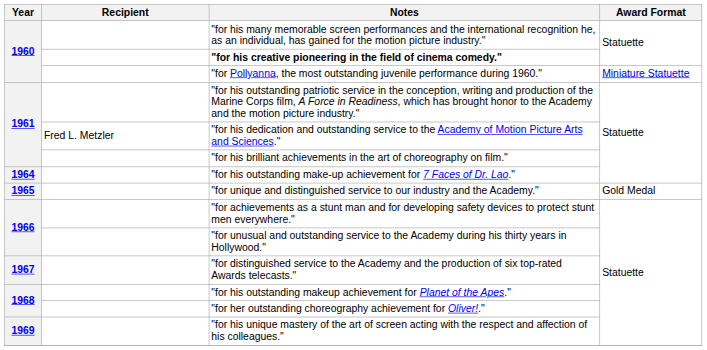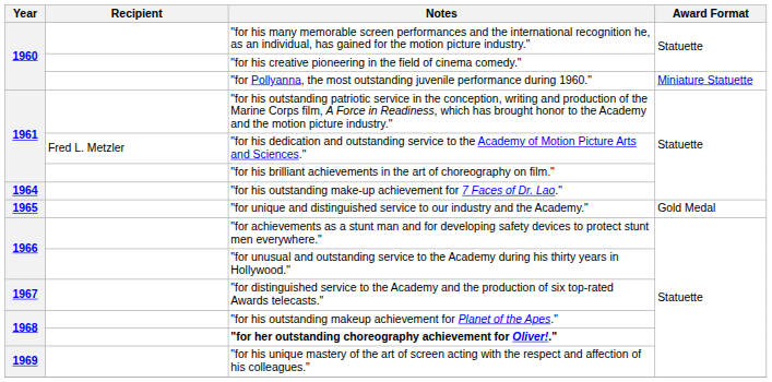 <table class="wikitable sortable" width="85%" style="background:#ffffff;" style="text-align:center;">
 <tr>
 <th width=50>Year</th>
 <th width=250>Recipient</th>
 <th class=unsortable>Notes</th>
 <th width=150>Award Format</th>
 </tr>
 <tr>
 <th rowspan="3"><a href='#'>1960</a></th>
 <td></td>
 <td>"for his many memorable screen performances and the international recognition he, as an individual, has gained for the motion picture industry."</td>
 <td rowspan="2">Statuette</td>
 </tr>
 <tr>
 <td></td>
-<td><strong>"for his creative pioneering in the field of cinema comedy."</strong></td>
+<td>"for his creative pioneering in the field of cinema comedy."</td>
 </tr>
 <tr>
 <td></td>
 <td>"for <a href='#'>Pollyanna</a>, the most outstanding juvenile performance during 1960."</td>
 <td><a href='#'>Miniature Statuette</a></td>
 </tr>
 <tr>
 <th rowspan="3"><a href='#'>1961</a></th>
 <td></td>
 <td>"for his outstanding patriotic service in the conception, writing and production of the Marine Corps film, <em>A Force in Readiness</em>, which has brought honor to the Academy and the motion picture industry."</td>
 <td rowspan="4">Statuette</td>
 </tr>
 <tr>
 <td>Fred L. Metzler</td>
 <td>"for his dedication and outstanding service to the <a href='#'>Academy of Motion Picture Arts and Sciences</a>."</td>
 </tr>
 <tr>
 <td></td>
 <td>"for his brilliant achievements in the art of choreography on film."</td>
 </tr>
 <tr>
 <th><a href='#'>1964</a></th>
 <td></td>
 <td>"for his outstanding make-up achievement for <em><a href='#'>7 Faces of Dr. Lao</a></em>."</td>
 </tr>
 <tr>
 <th><a href='#'>1965</a></th>
 <td></td>
 <td>"for unique and distinguished service to our industry and the Academy."</td>
 <td>Gold Medal</td>
 </tr>
 <tr>
 <th rowspan="2"><a href='#'>1966</a></th>
 <td></td>
 <td>"for achievements as a stunt man and for developing safety devices to protect stunt men everywhere."</td>
 <td rowspan="6">Statuette</td>
 </tr>
 <tr>
 <td></td>
 <td>"for unusual and outstanding service to the Academy during his thirty years in Hollywood."</td>
 </tr>
 <tr>
 <th><a href='#'>1967</a></th>
 <td></td>
 <td>"for distinguished service to the Academy and the production of six top-rated Awards telecasts."</td>
 </tr>
 <tr>
 <th rowspan="2"><a href='#'>1968</a></th>
 <td></td>
 <td>"for his outstanding makeup achievement for <em><a href='#'>Planet of the Apes</a></em>."</td>
 </tr>
 <tr>
 <td></td>
-<td>"for her outstanding choreography achievement for <em><a href='#'>Oliver!</a></em>."</td>
+<td><strong>"for her outstanding choreography achievement for <em><a href='#'>Oliver!</a></em>."</strong></td>
 </tr>
 <tr>
 <th><a href='#'>1969</a></th>
 <td></td>
 <td>"for his unique mastery of the art of screen acting with the respect and affection of his colleagues."</td>
 </tr>
 <tr>
 </tr>
 </table>
